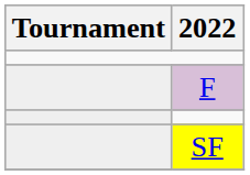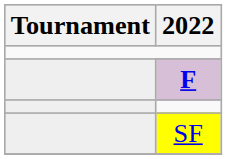 <table class="wikitable" style="width:20%; margin:0">
 <tr>
 <th>Tournament</th>
 <th>2022</th>
 </tr>
 <tr>
 <td colspan="20" style="text-align:left"></td>
 </tr>
 <tr>
 <td style="background:#efefef;"></td>
-<td style="text-align:center; background:thistle;"><a href='#'>F</a></td>
+<td style="text-align:center; background:thistle;"><strong><a href='#'>F</a></strong></td>
 </tr>
 <tr>
 <td style="background:#efefef;"></td>
 <td></td>
 </tr>
 <tr>
 <td style="background:#efefef;"></td>
 <td style="text-align:center; background:yellow;"><a href='#'>SF</a></td>
 </tr>
 <tr>
 </tr>
 </table>
